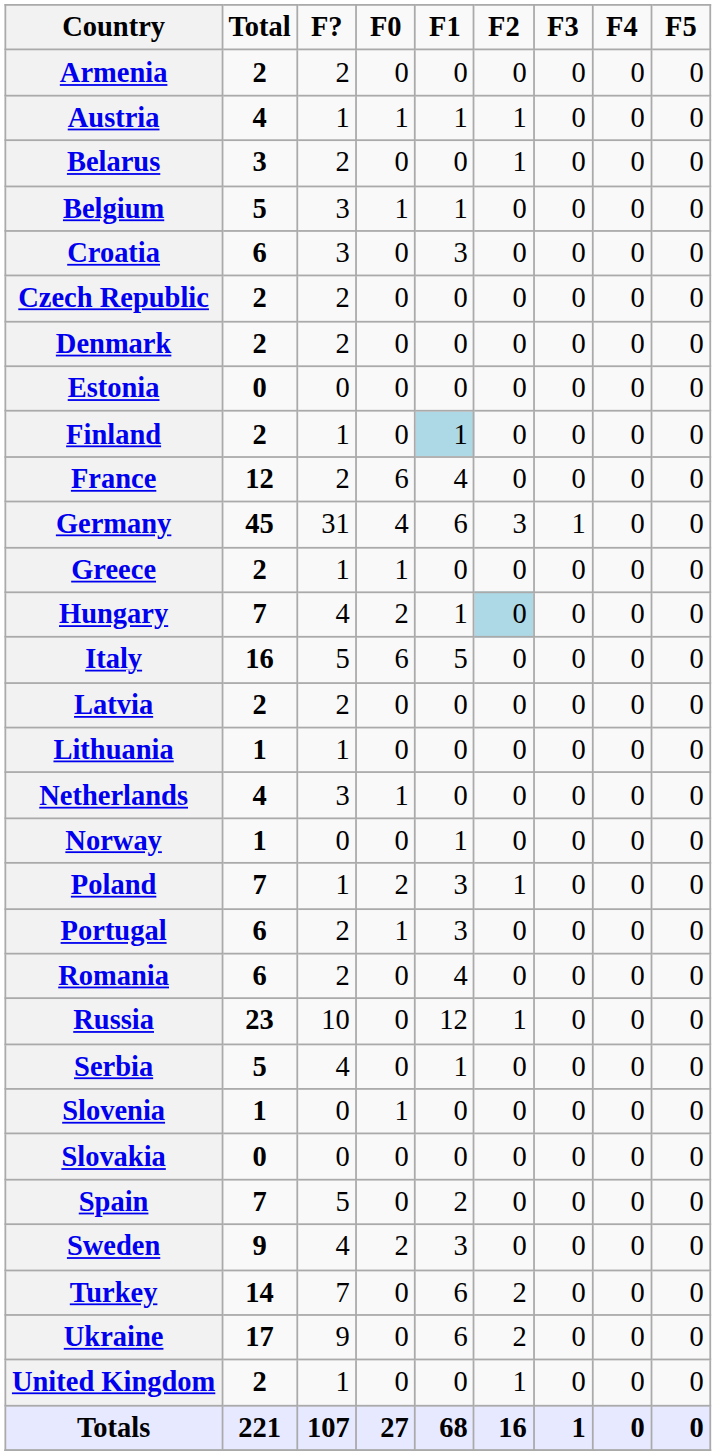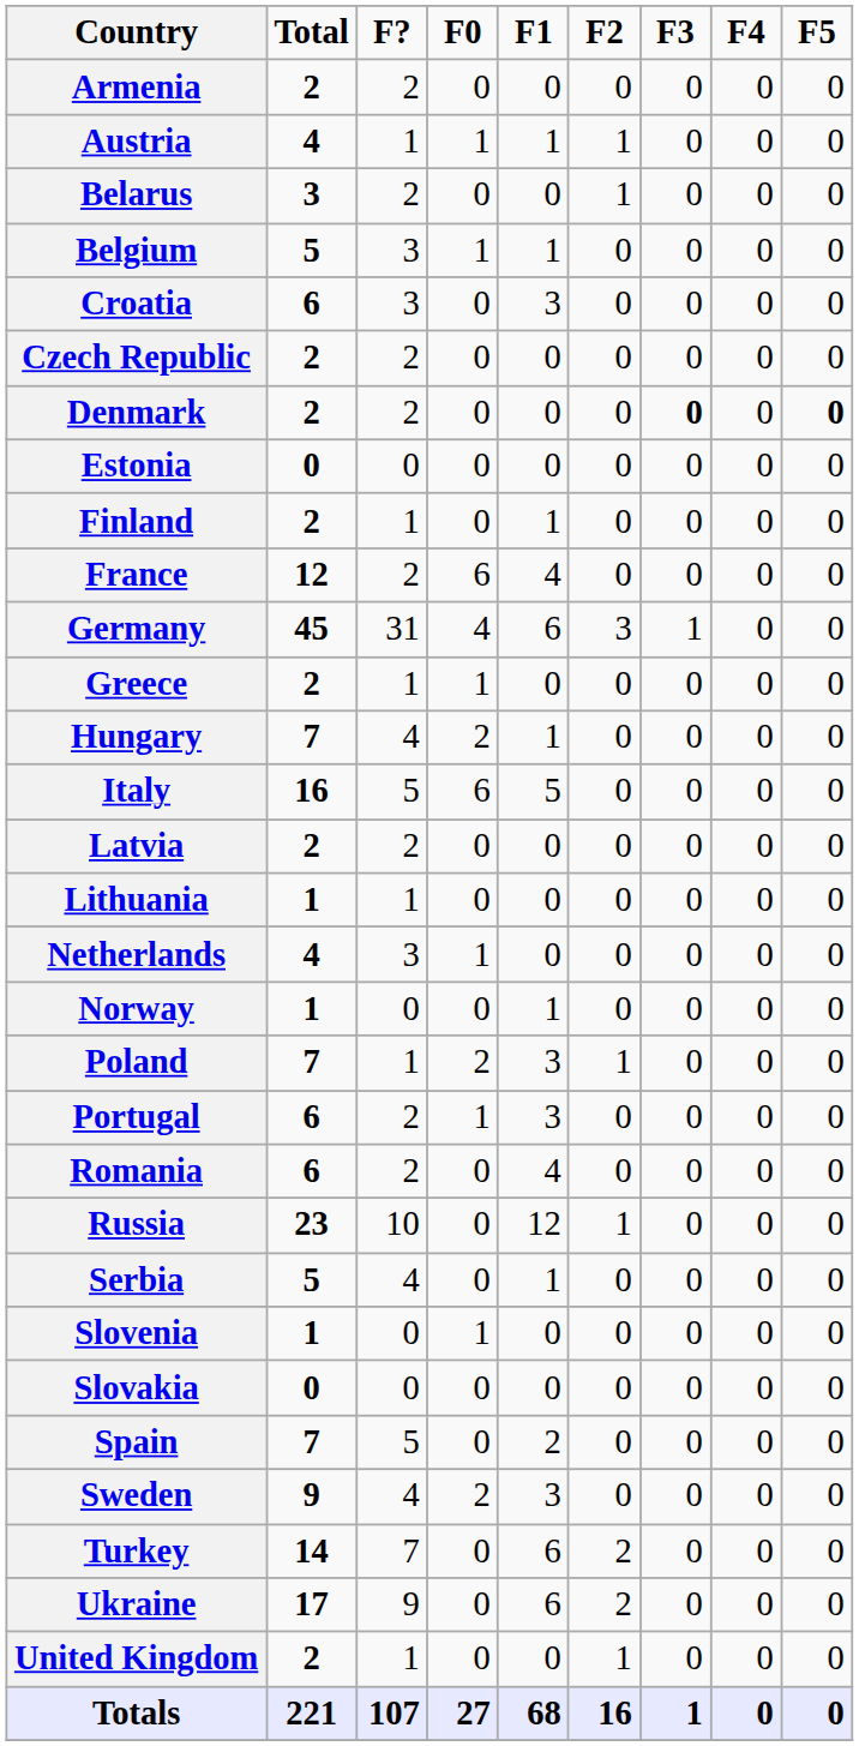 <table class="wikitable" style="margin:0 0 0.5em 1em;float:left;">
 <tr>
 <th><strong>Country</strong></th>
 <td><strong>Total</strong></td>
 <td><strong> F? </strong></td>
 <td><strong> F0 </strong></td>
 <td><strong> F1 </strong></td>
 <td><strong> F2 </strong></td>
 <td><strong> F3 </strong></td>
 <td><strong> F4 </strong></td>
 <td><strong> F5 </strong></td>
 </tr>
 <tr>
 <th><a href='#'>Armenia</a></th>
 <td align="center"><strong>2</strong></td>
 <td align="right">2</td>
 <td align="right">0</td>
 <td align="right">0</td>
 <td align="right">0</td>
 <td align="right">0</td>
 <td align="right">0</td>
 <td align="right">0</td>
 </tr>
 <tr>
 <th><a href='#'>Austria</a></th>
 <td align="center"><strong>4</strong></td>
 <td align="right">1</td>
 <td align="right">1</td>
 <td align="right">1</td>
 <td align="right">1</td>
 <td align="right">0</td>
 <td align="right">0</td>
 <td align="right">0</td>
 </tr>
 <tr>
 <th><a href='#'>Belarus</a></th>
 <td align="center"><strong>3</strong></td>
 <td align="right">2</td>
 <td align="right">0</td>
 <td align="right">0</td>
 <td align="right">1</td>
 <td align="right">0</td>
 <td align="right">0</td>
 <td align="right">0</td>
 </tr>
 <tr>
 <th><a href='#'>Belgium</a></th>
 <td align="center"><strong>5</strong></td>
 <td align="right">3</td>
 <td align="right">1</td>
 <td align="right">1</td>
 <td align="right">0</td>
 <td align="right">0</td>
 <td align="right">0</td>
 <td align="right">0</td>
 </tr>
 <tr>
 <th><a href='#'>Croatia</a></th>
 <td align="center"><strong>6</strong></td>
 <td align="right">3</td>
 <td align="right">0</td>
 <td align="right">3</td>
 <td align="right">0</td>
 <td align="right">0</td>
 <td align="right">0</td>
 <td align="right">0</td>
 </tr>
 <tr>
 <th><a href='#'>Czech Republic</a></th>
 <td align="center"><strong>2</strong></td>
 <td align="right">2</td>
 <td align="right">0</td>
 <td align="right">0</td>
 <td align="right">0</td>
 <td align="right">0</td>
 <td align="right">0</td>
 <td align="right">0</td>
 </tr>
 <tr>
 <th><a href='#'>Denmark</a></th>
 <td align="center"><strong>2</strong></td>
 <td align="right">2</td>
 <td align="right">0</td>
 <td align="right">0</td>
 <td align="right">0</td>
+<td align="right"><strong>0</strong></td>
 <td align="right">0</td>
-<td align="right">0</td>
-<td align="right">0</td>
+<td align="right"><strong>0</strong></td>
 </tr>
 <tr>
 <th><a href='#'>Estonia</a></th>
 <td align="center"><strong>0</strong></td>
 <td align="right">0</td>
 <td align="right">0</td>
 <td align="right">0</td>
 <td align="right">0</td>
 <td align="right">0</td>
 <td align="right">0</td>
 <td align="right">0</td>
 </tr>
 <tr>
 <th><a href='#'>Finland</a></th>
 <td align="center"><strong>2</strong></td>
 <td align="right">1</td>
 <td align="right">0</td>
-<td align="right" style="background: lightblue;">1</td>
+<td align="right">1</td>
 <td align="right">0</td>
 <td align="right">0</td>
 <td align="right">0</td>
 <td align="right">0</td>
 </tr>
 <tr>
 <th><a href='#'>France</a></th>
 <td align="center"><strong>12</strong></td>
 <td align="right">2</td>
 <td align="right">6</td>
 <td align="right">4</td>
 <td align="right">0</td>
 <td align="right">0</td>
 <td align="right">0</td>
 <td align="right">0</td>
 </tr>
 <tr>
 <th><a href='#'>Germany</a></th>
 <td align="center"><strong>45</strong></td>
 <td align="right">31</td>
 <td align="right">4</td>
 <td align="right">6</td>
 <td align="right">3</td>
 <td align="right">1</td>
 <td align="right">0</td>
 <td align="right">0</td>
 </tr>
 <tr>
 <th><a href='#'>Greece</a></th>
 <td align="center"><strong>2</strong></td>
 <td align="right">1</td>
 <td align="right">1</td>
 <td align="right">0</td>
 <td align="right">0</td>
 <td align="right">0</td>
 <td align="right">0</td>
 <td align="right">0</td>
 </tr>
 <tr>
 <th><a href='#'>Hungary</a></th>
 <td align="center"><strong>7</strong></td>
 <td align="right">4</td>
 <td align="right">2</td>
 <td align="right">1</td>
-<td align="right" style="background: lightblue;">0</td>
+<td align="right">0</td>
 <td align="right">0</td>
 <td align="right">0</td>
 <td align="right">0</td>
 </tr>
 <tr>
 <th><a href='#'>Italy</a></th>
 <td align="center"><strong>16</strong></td>
 <td align="right">5</td>
 <td align="right">6</td>
 <td align="right">5</td>
 <td align="right">0</td>
 <td align="right">0</td>
 <td align="right">0</td>
 <td align="right">0</td>
 </tr>
 <tr>
 <th><a href='#'>Latvia</a></th>
 <td align="center"><strong>2</strong></td>
 <td align="right">2</td>
 <td align="right">0</td>
 <td align="right">0</td>
 <td align="right">0</td>
 <td align="right">0</td>
 <td align="right">0</td>
 <td align="right">0</td>
 </tr>
 <tr>
 <th><a href='#'>Lithuania</a></th>
 <td align="center"><strong>1</strong></td>
 <td align="right">1</td>
 <td align="right">0</td>
 <td align="right">0</td>
 <td align="right">0</td>
 <td align="right">0</td>
 <td align="right">0</td>
 <td align="right">0</td>
 </tr>
 <tr>
 <th><a href='#'>Netherlands</a></th>
 <td align="center"><strong>4</strong></td>
 <td align="right">3</td>
 <td align="right">1</td>
 <td align="right">0</td>
 <td align="right">0</td>
 <td align="right">0</td>
 <td align="right">0</td>
 <td align="right">0</td>
 </tr>
 <tr>
 <th><a href='#'>Norway</a></th>
 <td align="center"><strong>1</strong></td>
 <td align="right">0</td>
 <td align="right">0</td>
 <td align="right">1</td>
 <td align="right">0</td>
 <td align="right">0</td>
 <td align="right">0</td>
 <td align="right">0</td>
 </tr>
 <tr>
 <th><a href='#'>Poland</a></th>
 <td align="center"><strong>7</strong></td>
 <td align="right">1</td>
 <td align="right">2</td>
 <td align="right">3</td>
 <td align="right">1</td>
 <td align="right">0</td>
 <td align="right">0</td>
 <td align="right">0</td>
 </tr>
 <tr>
 <th><a href='#'>Portugal</a></th>
 <td align="center"><strong>6</strong></td>
 <td align="right">2</td>
 <td align="right">1</td>
 <td align="right">3</td>
 <td align="right">0</td>
 <td align="right">0</td>
 <td align="right">0</td>
 <td align="right">0</td>
 </tr>
 <tr>
 <th><a href='#'>Romania</a></th>
 <td align="center"><strong>6</strong></td>
 <td align="right">2</td>
 <td align="right">0</td>
 <td align="right">4</td>
 <td align="right">0</td>
 <td align="right">0</td>
 <td align="right">0</td>
 <td align="right">0</td>
 </tr>
 <tr>
 <th><a href='#'>Russia</a></th>
 <td align="center"><strong>23</strong></td>
 <td align="right">10</td>
 <td align="right">0</td>
 <td align="right">12</td>
 <td align="right">1</td>
 <td align="right">0</td>
 <td align="right">0</td>
 <td align="right">0</td>
 </tr>
 <tr>
 <th><a href='#'>Serbia</a></th>
 <td align="center"><strong>5</strong></td>
 <td align="right">4</td>
 <td align="right">0</td>
 <td align="right">1</td>
 <td align="right">0</td>
 <td align="right">0</td>
 <td align="right">0</td>
 <td align="right">0</td>
 </tr>
 <tr>
 <th><a href='#'>Slovenia</a></th>
 <td align="center"><strong>1</strong></td>
 <td align="right">0</td>
 <td align="right">1</td>
 <td align="right">0</td>
 <td align="right">0</td>
 <td align="right">0</td>
 <td align="right">0</td>
 <td align="right">0</td>
 </tr>
 <tr>
 <th><a href='#'>Slovakia</a></th>
 <td align="center"><strong>0</strong></td>
 <td align="right">0</td>
 <td align="right">0</td>
 <td align="right">0</td>
 <td align="right">0</td>
 <td align="right">0</td>
 <td align="right">0</td>
 <td align="right">0</td>
 </tr>
 <tr>
 <th><a href='#'>Spain</a></th>
 <td align="center"><strong>7</strong></td>
 <td align="right">5</td>
 <td align="right">0</td>
 <td align="right">2</td>
 <td align="right">0</td>
 <td align="right">0</td>
 <td align="right">0</td>
 <td align="right">0</td>
 </tr>
 <tr>
 <th><a href='#'>Sweden</a></th>
 <td align="center"><strong>9</strong></td>
 <td align="right">4</td>
 <td align="right">2</td>
 <td align="right">3</td>
 <td align="right">0</td>
 <td align="right">0</td>
 <td align="right">0</td>
 <td align="right">0</td>
 </tr>
 <tr>
 <th><a href='#'>Turkey</a></th>
 <td align="center"><strong>14</strong></td>
 <td align="right">7</td>
 <td align="right">0</td>
 <td align="right">6</td>
 <td align="right">2</td>
 <td align="right">0</td>
 <td align="right">0</td>
 <td align="right">0</td>
 </tr>
 <tr>
 <th><a href='#'>Ukraine</a></th>
 <td align="center"><strong>17</strong></td>
 <td align="right">9</td>
 <td align="right">0</td>
 <td align="right">6</td>
 <td align="right">2</td>
 <td align="right">0</td>
 <td align="right">0</td>
 <td align="right">0</td>
 </tr>
 <tr>
 <th><a href='#'>United Kingdom</a></th>
 <td align="center"><strong>2</strong></td>
 <td align="right">1</td>
 <td align="right">0</td>
 <td align="right">0</td>
 <td align="right">1</td>
 <td align="right">0</td>
 <td align="right">0</td>
 <td align="right">0</td>
 </tr>
 <tr>
 <td bgcolor="#e6e9ff" align="center"><strong>Totals</strong> </td>
 <td bgcolor="#e6e9ff" align="center"><strong>221</strong></td>
 <td bgcolor="#e6e9ff" align="right"><strong>107</strong></td>
 <td bgcolor="#e6e9ff" align="right"><strong>27</strong></td>
 <td bgcolor="#e6e9ff" align="right"><strong>68</strong></td>
 <td bgcolor="#e6e9ff" align="right"><strong>16</strong></td>
 <td bgcolor="#e6e9ff" align="right"><strong>1</strong></td>
 <td bgcolor="#e6e9ff" align="right"><strong>0</strong></td>
 <td bgcolor="#e6e9ff" align="right"><strong>0</strong></td>
 </tr>
 <tr>
 </tr>
 </table>
